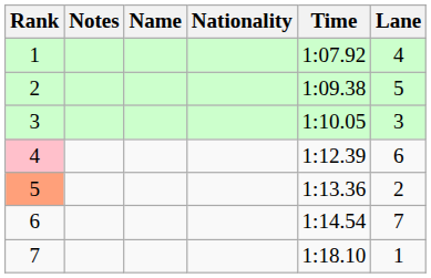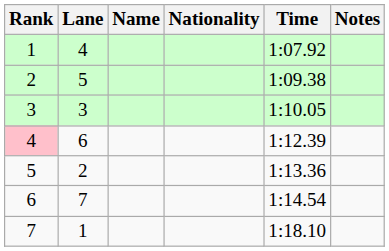 <table class="wikitable sortable" style="text-align:center">
 <tr>
 <th>Rank</th>
-<th>Notes</th>
+<th>Lane</th>
 <th>Name</th>
 <th>Nationality</th>
 <th>Time</th>
-<th>Lane</th>
+<th>Notes</th>
 </tr>
 <tr bgcolor=ccffcc>
 <td>1</td>
-<td><strong></strong></td>
+<td>4</td>
 <td align=left></td>
 <td align=left></td>
 <td>1:07.92</td>
-<td>4</td>
+<td><strong></strong></td>
 </tr>
 <tr bgcolor=ccffcc>
 <td>2</td>
-<td><strong></strong></td>
+<td>5</td>
 <td align=left></td>
 <td align=left></td>
 <td>1:09.38</td>
-<td>5</td>
+<td><strong></strong></td>
 </tr>
 <tr bgcolor=ccffcc>
 <td>3</td>
-<td><strong></strong></td>
+<td>3</td>
 <td align=left></td>
 <td align=left></td>
 <td>1:10.05</td>
-<td>3</td>
+<td><strong></strong></td>
 </tr>
 <tr>
 <td style="background: pink;">4</td>
-<td></td>
+<td>6</td>
 <td align=left></td>
 <td align=left></td>
 <td>1:12.39</td>
-<td>6</td>
+<td></td>
 </tr>
 <tr>
-<td style="background: lightsalmon;">5</td>
-<td></td>
+<td>5</td>
+<td>2</td>
 <td align=left></td>
 <td align=left></td>
 <td>1:13.36</td>
-<td>2</td>
+<td></td>
 </tr>
 <tr>
 <td>6</td>
-<td></td>
+<td>7</td>
 <td align=left></td>
 <td align=left></td>
 <td>1:14.54</td>
-<td>7</td>
+<td></td>
 </tr>
 <tr>
 <td>7</td>
-<td></td>
+<td>1</td>
 <td align=left></td>
 <td align=left></td>
 <td>1:18.10</td>
-<td>1</td>
+<td></td>
 </tr>
 </table>
